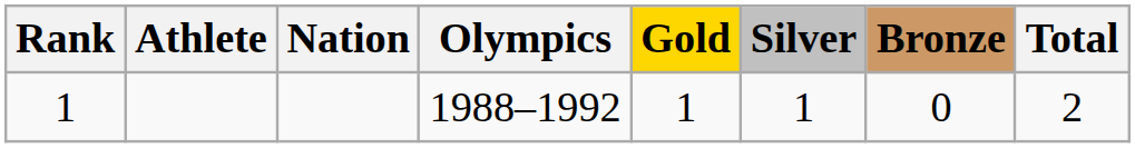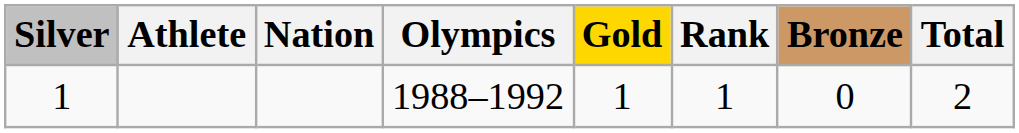 <table class="wikitable sortable" style="text-align:center">
 <tr>
-<th>Rank</th>
+<th style="background-color:silver">Silver</th>
 <th>Athlete</th>
 <th>Nation</th>
 <th>Olympics</th>
 <th style="background-color:gold">Gold</th>
-<th style="background-color:silver">Silver</th>
+<th>Rank</th>
 <th style="background-color:#cc9966">Bronze</th>
 <th>Total</th>
 </tr>
 <tr>
 <td>1</td>
 <td align=left></td>
 <td align=left><br></td>
 <td>1988–1992</td>
 <td>1</td>
 <td>1</td>
 <td>0</td>
 <td>2</td>
 </tr>
 </table>
